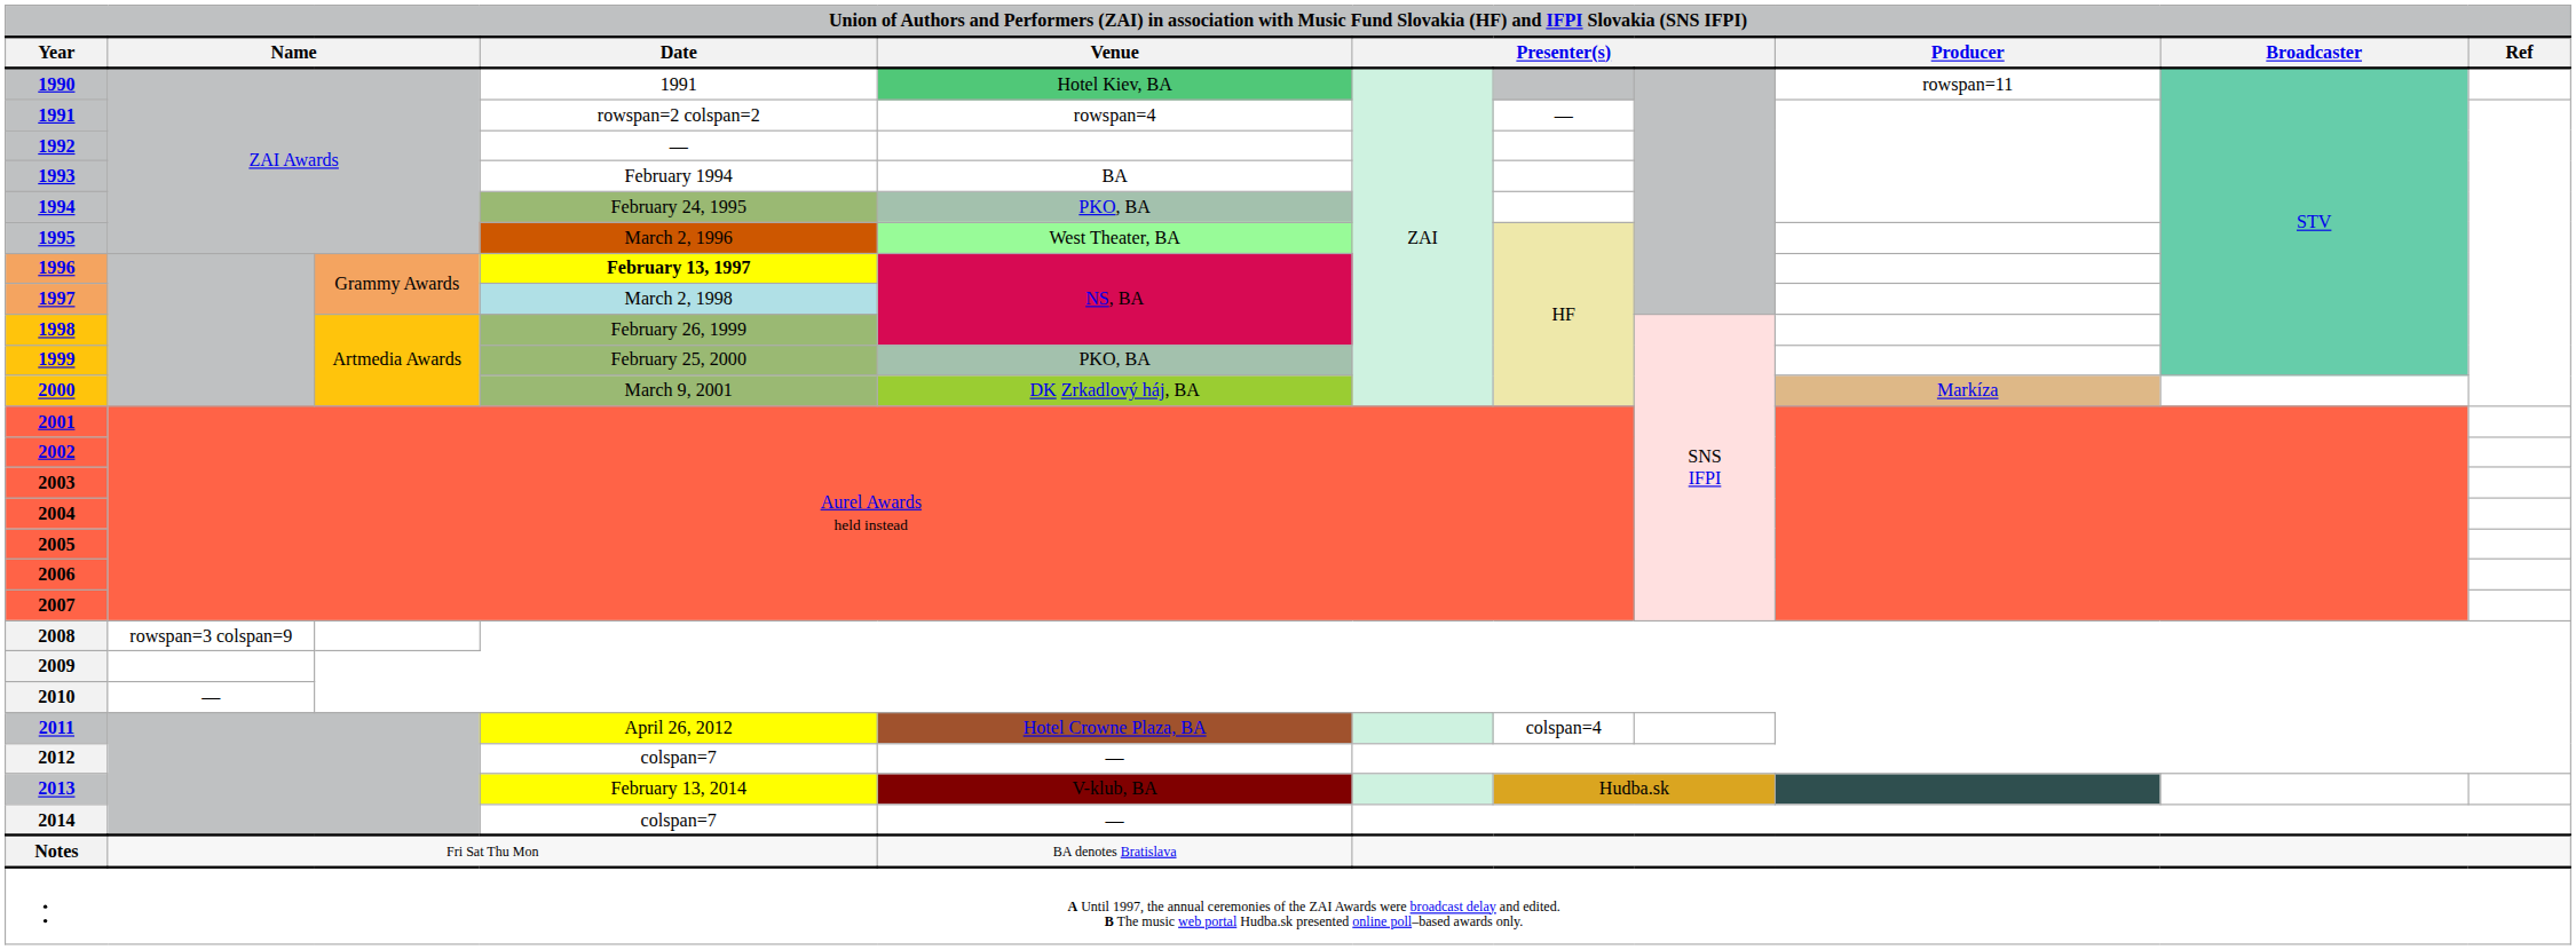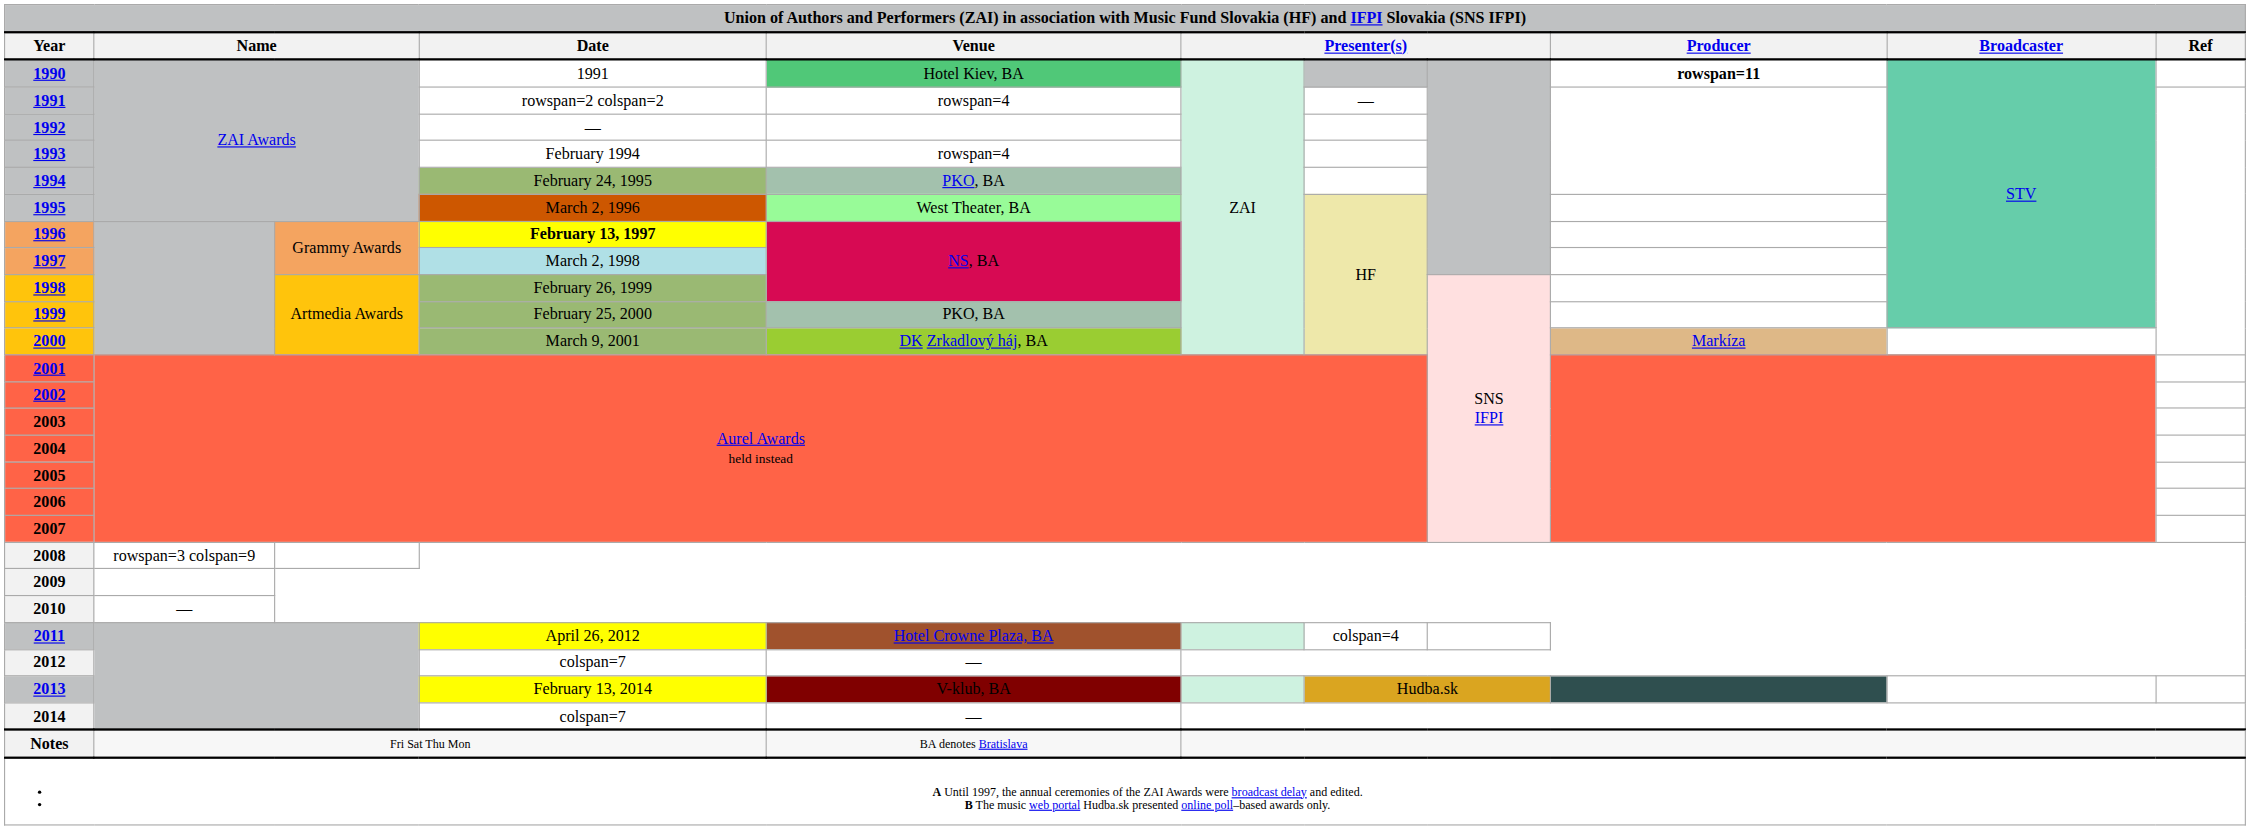 <table class="wikitable" style="background:white; text-align:center; width:100%; font-size:89%">
 <tr>
 <th colspan=11 width=100% style=background:#BFC1C2>Union of Authors and Performers (ZAI) in association with Music Fund Slovakia (HF) and <a href='#'>IFPI</a> Slovakia (SNS IFPI)</th>
 </tr>
 <tr style="border-top:solid 2px; background:#FFF">
 <th width=4%>Year</th>
 <th colspan=2 width=14.5%>Name</th>
 <th width=15.5%>Date</th>
 <th width=18.5%>Venue</th>
 <th width=16.5% colspan=3><a href='#'>Presenter(s)</a></th>
 <th width=15%><a href='#'>Producer</a></th>
 <th width=12%><a href='#'>Broadcaster</a></th>
 <th width=4%>Ref</th>
 </tr>
 <tr style="border-top:solid 2px; background:#FFFFFF">
 <th style=background:#BFC1C2><a href='#'>1990</a></th>
 <td rowspan=6 colspan=2 bgcolor=BFC1C2><a href='#'>ZAI Awards</a></td>
 <td>1991</td>
 <td bgcolor=50C878>Hotel Kiev, BA</td>
 <td width=5.5% rowspan=11 bgcolor=CEF2E0>ZAI</td>
 <td bgcolor=BFC1C2></td>
 <td rowspan=8 bgcolor=BFC1C2></td>
-<td>rowspan=11 </td>
+<td><strong>rowspan=11 </strong></td>
 <td rowspan=10 bgcolor=66CDAA><a href='#'>STV</a></td>
 <td></td>
 </tr>
 <tr>
 <th style=background:#BFC1C2><a href='#'>1991</a></th>
 <td>rowspan=2 colspan=2 </td>
 <td>rowspan=4 </td>
 <td>—</td>
 </tr>
 <tr>
 <th style=background:#BFC1C2><a href='#'>1992</a></th>
 <td>—</td>
 </tr>
 <tr>
 <th style=background:#BFC1C2><a href='#'>1993</a></th>
 <td>February 1994</td>
-<td>BA</td>
+<td>rowspan=4 </td>
 <td></td>
 </tr>
 <tr>
 <th style=background:#BFC1C2><a href='#'>1994</a></th>
 <td bgcolor=9AB973>February 24, 1995</td>
 <td bgcolor=A3C1AD><a href='#'>PKO</a>, BA</td>
 <td></td>
 </tr>
 <tr>
 <th style=background:#BFC1C2><a href='#'>1995</a></th>
 <td bgcolor=CD5700>March 2, 1996</td>
 <td bgcolor=98FB98>West Theater, BA</td>
 <td width=5.5% rowspan=6 bgcolor=EEE8AA>HF</td>
 <td></td>
 </tr>
 <tr>
 <th style=background:#F4A460><a href='#'>1996</a></th>
 <td rowspan=5 bgcolor=BFC1C2></td>
 <td rowspan=2 bgcolor=F4A460>Grammy Awards</td>
 <td bgcolor=FFFF00><strong>February 13, 1997</strong></td>
 <td rowspan=3 bgcolor=D70A53><a href='#'>NS</a>, BA</td>
 <td></td>
 </tr>
 <tr>
 <th style=background:#F4A460><a href='#'>1997</a></th>
 <td bgcolor=B0E0E6>March 2, 1998</td>
 <td></td>
 </tr>
 <tr>
 <th style=background:#FFC40C><a href='#'>1998</a></th>
 <td rowspan=3 bgcolor=FFC40C>Artmedia Awards</td>
 <td bgcolor=9AB973>February 26, 1999</td>
 <td width=5.5% rowspan=10 bgcolor=FFE0E0>SNS <br><a href='#'>IFPI</a></td>
 <td></td>
 </tr>
 <tr>
 <th style=background:#FFC40C><a href='#'>1999</a></th>
 <td bgcolor=9AB973>February 25, 2000</td>
 <td bgcolor=A3C1AD>PKO, BA</td>
 <td></td>
 </tr>
 <tr>
 <th style=background:#FFC40C><a href='#'>2000</a></th>
 <td bgcolor=9AB973>March 9, 2001</td>
 <td bgcolor=9ACD32><a href='#'>DK</a> <a href='#'>Zrkadlový háj</a>, BA</td>
 <td bgcolor=DEB887><a href='#'>Markíza</a></td>
 <td></td>
 </tr>
 <tr>
 <th style=background:TOMATO><a href='#'>2001</a></th>
 <td rowspan=7 colspan=6 bgcolor=TOMATO><a href='#'>Aurel Awards</a> <br><small>held instead</small></td>
 <td rowspan=7 colspan=2 bgcolor=TOMATO></td>
 <td></td>
 </tr>
 <tr>
 <th style=background:TOMATO><a href='#'>2002</a></th>
 <td></td>
 </tr>
 <tr>
 <th style=background:TOMATO>2003</th>
 <td></td>
 </tr>
 <tr>
 <th style=background:TOMATO>2004</th>
 <td></td>
 </tr>
 <tr>
 <th style=background:TOMATO>2005</th>
 <td></td>
 </tr>
 <tr>
 <th style=background:TOMATO>2006</th>
 <td></td>
 </tr>
 <tr>
 <th style=background:TOMATO>2007</th>
 <td></td>
 </tr>
 <tr>
 <th>2008</th>
 <td>rowspan=3 colspan=9 </td>
 <td></td>
 </tr>
 <tr>
 <th>2009</th>
 <td></td>
 </tr>
 <tr>
 <th>2010</th>
 <td>—</td>
 </tr>
 <tr>
 <th style=background:#BFC1C2><a href='#'>2011</a></th>
 <td colspan=2 rowspan=4 bgcolor=BFC1C2><small></small></td>
 <td bgcolor=FFFF00>April 26, 2012</td>
 <td bgcolor=A0522D><a href='#'><span>Hotel Crowne Plaza, BA</span></a></td>
 <td bgcolor=CEF2E0></td>
 <td>colspan=4 </td>
 <td></td>
 </tr>
 <tr>
 <th>2012</th>
 <td>colspan=7 </td>
 <td>—</td>
 </tr>
 <tr>
 <th style=background:#BFC1C2><a href='#'>2013</a></th>
 <td bgcolor=FFFF00>February 13, 2014</td>
 <td bgcolor=MAROON><span>V-klub, BA</span></td>
 <td bgcolor=CEF2E0></td>
 <td colspan=2 bgcolor=DAA520>Hudba.sk</td>
 <td bgcolor=2F4F4F><span></span></td>
 <td></td>
 <td></td>
 </tr>
 <tr>
 <th>2014</th>
 <td>colspan=7 </td>
 <td>—</td>
 </tr>
 <tr>
 </tr>
 <tr style="border-top:solid 2px; background:#FFF">
 <th width=4%>Notes</th>
 <td width=30% colspan=3 style="font-size:8pt; background:#F7F7F7"> Fri  Sat  Thu  Mon</td>
 <td width=18.5% style="font-size:8pt; background:#F7F7F7">BA denotes <a href='#'>Bratislava</a></td>
 <td width=47.5% colspan=6 style="font-size:8pt; background:#F7F7F7"></td>
 </tr>
 <tr style="border-top:solid 2px; background:#FFF">
 <td width=100% colspan=11 style="font-size:8pt; background:#FFFFFF"><br><ul><li><strong>A</strong>  Until 1997, the annual ceremonies of the ZAI Awards were <a href='#'>broadcast delay</a> and edited.</li><li><strong>B</strong>  The music <a href='#'>web portal</a> Hudba.sk presented <a href='#'>online poll</a>–based awards only.</li></ul></td>
 </tr>
 </table>
